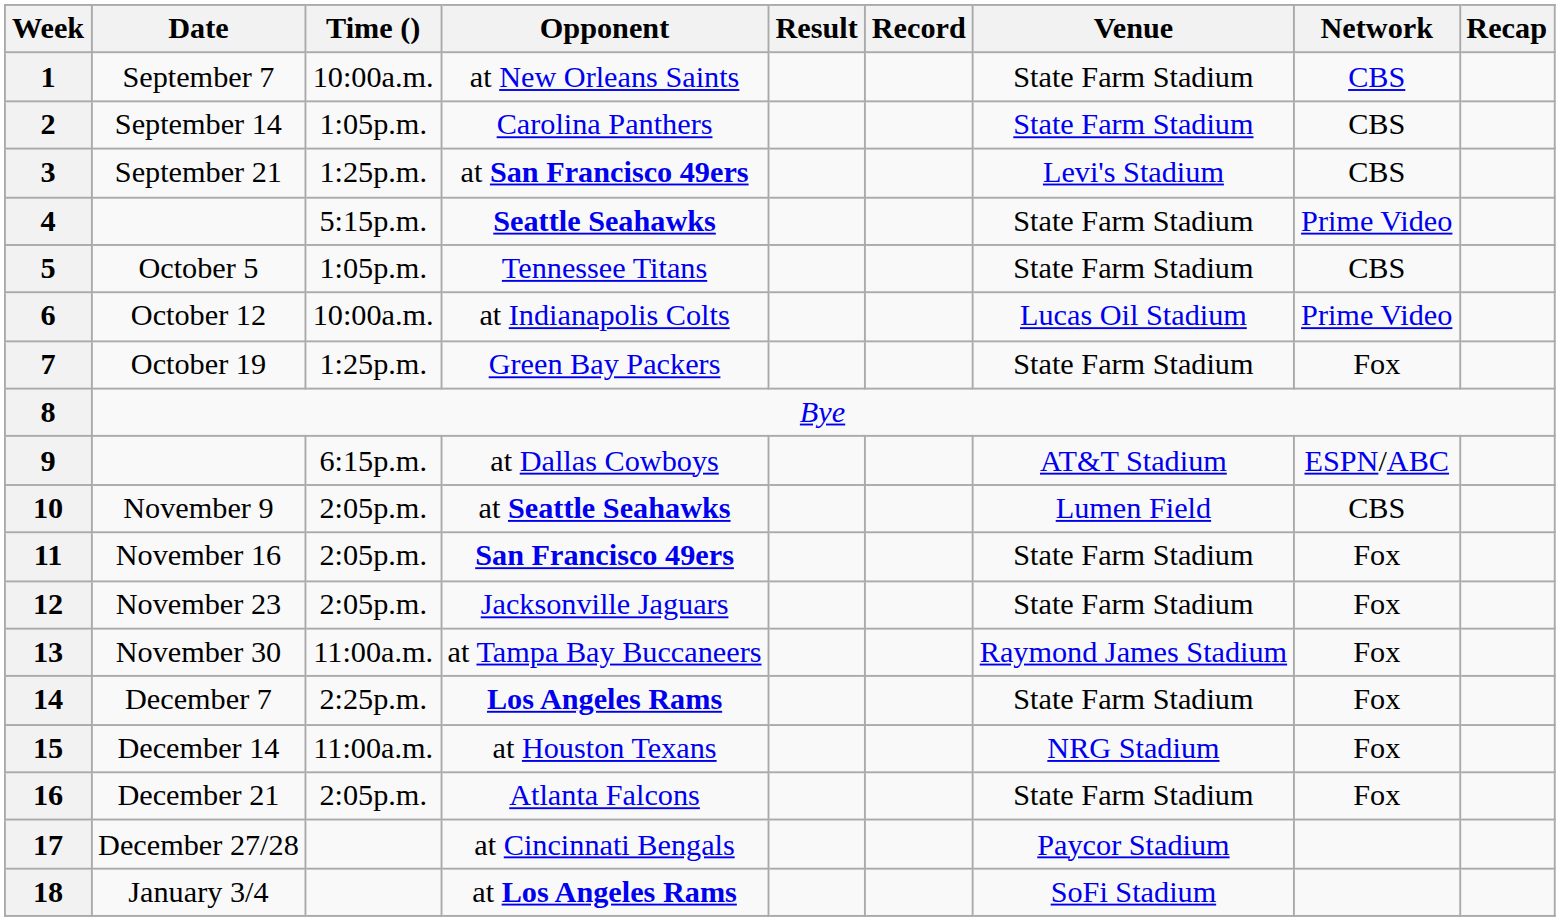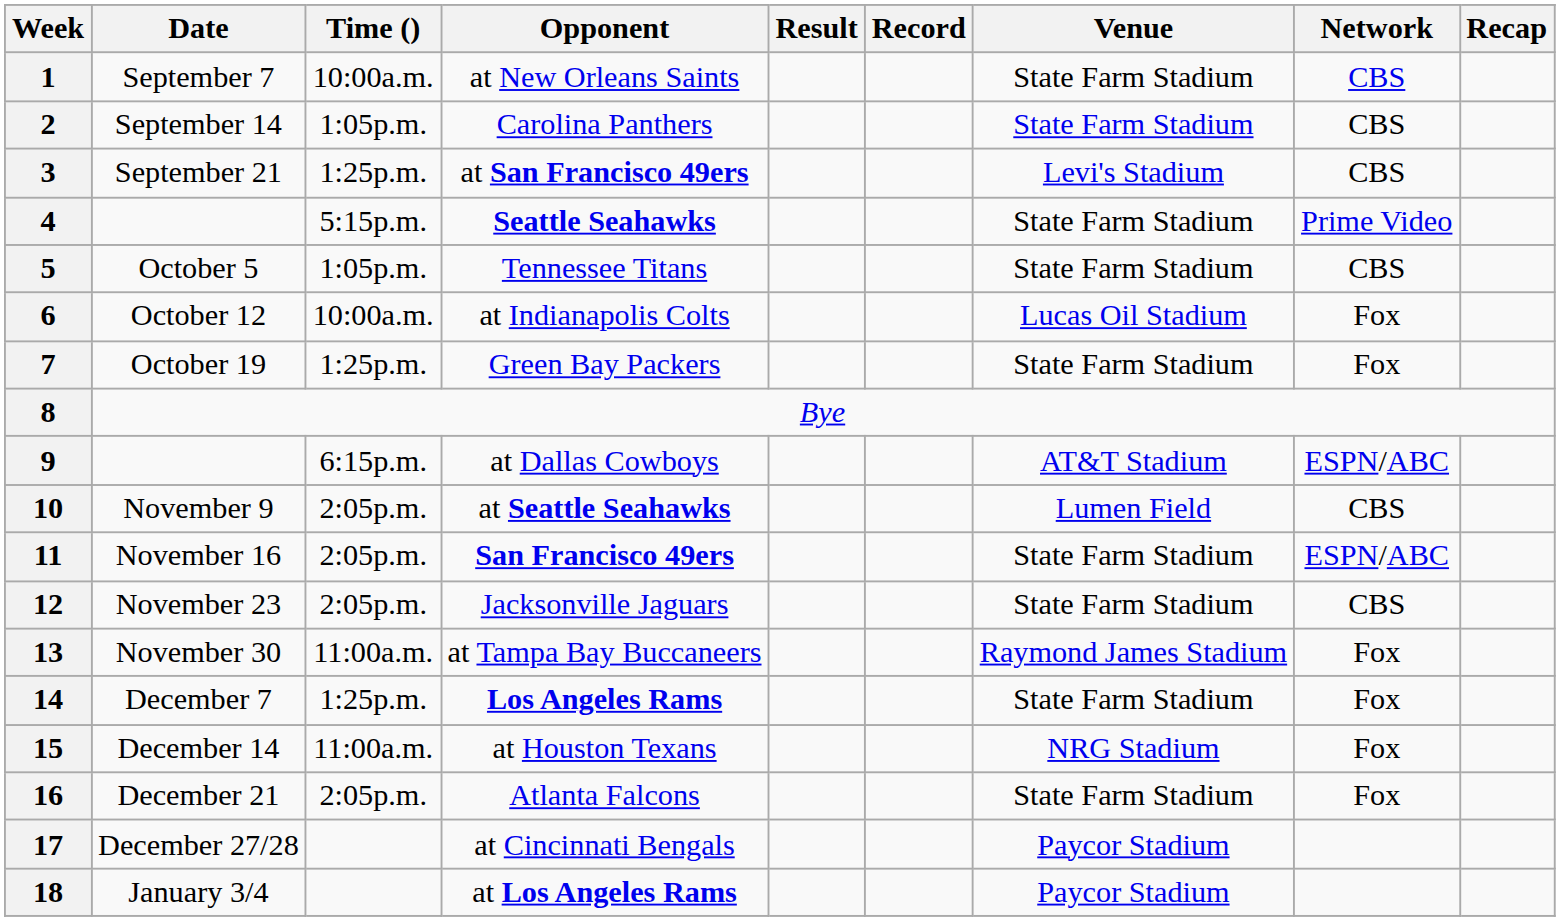 <table class="wikitable" style="text-align:center">
 <tr>
 <th>Week</th>
 <th>Date</th>
 <th>Time (<a href='#'></a>)</th>
 <th>Opponent</th>
 <th>Result</th>
 <th>Record</th>
 <th>Venue</th>
 <th>Network</th>
 <th>Recap</th>
 </tr>
 <tr>
 <th>1 </th>
 <td>September 7</td>
 <td>10:00a.m.</td>
 <td>at <a href='#'>New Orleans Saints</a></td>
 <td></td>
 <td></td>
 <td>State Farm Stadium</td>
 <td><a href='#'>CBS</a></td>
 <td></td>
 </tr>
 <tr>
 <th>2 </th>
 <td>September 14</td>
 <td>1:05p.m.</td>
 <td><a href='#'>Carolina Panthers</a></td>
 <td></td>
 <td></td>
 <td><a href='#'>State Farm Stadium</a></td>
 <td>CBS</td>
 <td></td>
 </tr>
 <tr>
 <th>3 </th>
 <td>September 21</td>
 <td>1:25p.m.</td>
 <td>at <strong><a href='#'>San Francisco 49ers</a></strong></td>
 <td></td>
 <td></td>
 <td><a href='#'>Levi's Stadium</a></td>
 <td>CBS</td>
 <td></td>
 </tr>
 <tr>
 <th>4 </th>
 <td></td>
 <td>5:15p.m.</td>
 <td><strong><a href='#'>Seattle Seahawks</a></strong></td>
 <td></td>
 <td></td>
 <td>State Farm Stadium</td>
 <td><a href='#'>Prime Video</a></td>
 <td></td>
 </tr>
 <tr>
 <th>5 </th>
 <td>October 5</td>
 <td>1:05p.m.</td>
 <td><a href='#'>Tennessee Titans</a></td>
 <td></td>
 <td></td>
 <td>State Farm Stadium</td>
 <td>CBS</td>
 <td></td>
 </tr>
 <tr>
 <th>6 </th>
 <td>October 12</td>
 <td>10:00a.m.</td>
 <td>at <a href='#'>Indianapolis Colts</a></td>
 <td></td>
 <td></td>
 <td><a href='#'>Lucas Oil Stadium</a></td>
-<td><a href='#'>Prime Video</a></td>
+<td>Fox</td>
 <td></td>
 </tr>
 <tr>
 <th>7 </th>
 <td>October 19</td>
 <td>1:25p.m.</td>
 <td><a href='#'>Green Bay Packers</a></td>
 <td></td>
 <td></td>
 <td>State Farm Stadium</td>
 <td>Fox</td>
 <td></td>
 </tr>
 <tr>
 <th>8</th>
 <td colspan=8><em><a href='#'>Bye</a></em></td>
 </tr>
 <tr>
 <th>9 </th>
 <td></td>
 <td>6:15p.m.</td>
 <td>at <a href='#'>Dallas Cowboys</a></td>
 <td></td>
 <td></td>
 <td><a href='#'>AT&T Stadium</a></td>
 <td><a href='#'>ESPN</a>/<a href='#'>ABC</a></td>
 <td></td>
 </tr>
 <tr>
 <th>10 </th>
 <td>November 9</td>
 <td>2:05p.m.</td>
 <td>at <strong><a href='#'>Seattle Seahawks</a></strong></td>
 <td></td>
 <td></td>
 <td><a href='#'>Lumen Field</a></td>
 <td>CBS</td>
 <td></td>
 </tr>
 <tr>
 <th>11 </th>
 <td>November 16</td>
 <td>2:05p.m.</td>
 <td><strong><a href='#'>San Francisco 49ers</a></strong></td>
 <td></td>
 <td></td>
 <td>State Farm Stadium</td>
-<td>Fox</td>
+<td><a href='#'>ESPN</a>/<a href='#'>ABC</a></td>
 <td></td>
 </tr>
 <tr>
 <th>12 </th>
 <td>November 23</td>
 <td>2:05p.m.</td>
 <td><a href='#'>Jacksonville Jaguars</a></td>
 <td></td>
 <td></td>
 <td>State Farm Stadium</td>
-<td>Fox</td>
+<td>CBS</td>
 <td></td>
 </tr>
 <tr>
 <th>13 </th>
 <td>November 30</td>
 <td>11:00a.m.</td>
 <td>at <a href='#'>Tampa Bay Buccaneers</a></td>
 <td></td>
 <td></td>
 <td><a href='#'>Raymond James Stadium</a></td>
 <td>Fox</td>
 <td></td>
 </tr>
 <tr>
 <th>14 </th>
 <td>December 7</td>
-<td>2:25p.m.</td>
+<td>1:25p.m.</td>
 <td><strong><a href='#'>Los Angeles Rams</a></strong></td>
 <td></td>
 <td></td>
 <td>State Farm Stadium</td>
 <td>Fox</td>
 <td></td>
 </tr>
 <tr>
 <th>15 </th>
 <td>December 14</td>
 <td>11:00a.m.</td>
 <td>at <a href='#'>Houston Texans</a></td>
 <td></td>
 <td></td>
 <td><a href='#'>NRG Stadium</a></td>
 <td>Fox</td>
 <td></td>
 </tr>
 <tr>
 <th>16 </th>
 <td>December 21</td>
 <td>2:05p.m.</td>
 <td><a href='#'>Atlanta Falcons</a></td>
 <td></td>
 <td></td>
 <td>State Farm Stadium</td>
 <td>Fox</td>
 <td></td>
 </tr>
 <tr>
 <th>17 </th>
 <td>December 27/28</td>
 <td></td>
 <td>at <a href='#'>Cincinnati Bengals</a></td>
 <td></td>
 <td></td>
 <td><a href='#'>Paycor Stadium</a></td>
 <td></td>
 <td></td>
 </tr>
 <tr>
 <th>18 </th>
 <td>January 3/4</td>
 <td></td>
 <td>at <strong><a href='#'>Los Angeles Rams</a></strong></td>
 <td></td>
 <td></td>
-<td><a href='#'>SoFi Stadium</a></td>
+<td><a href='#'>Paycor Stadium</a></td>
 <td></td>
 <td></td>
 </tr>
 </table>
